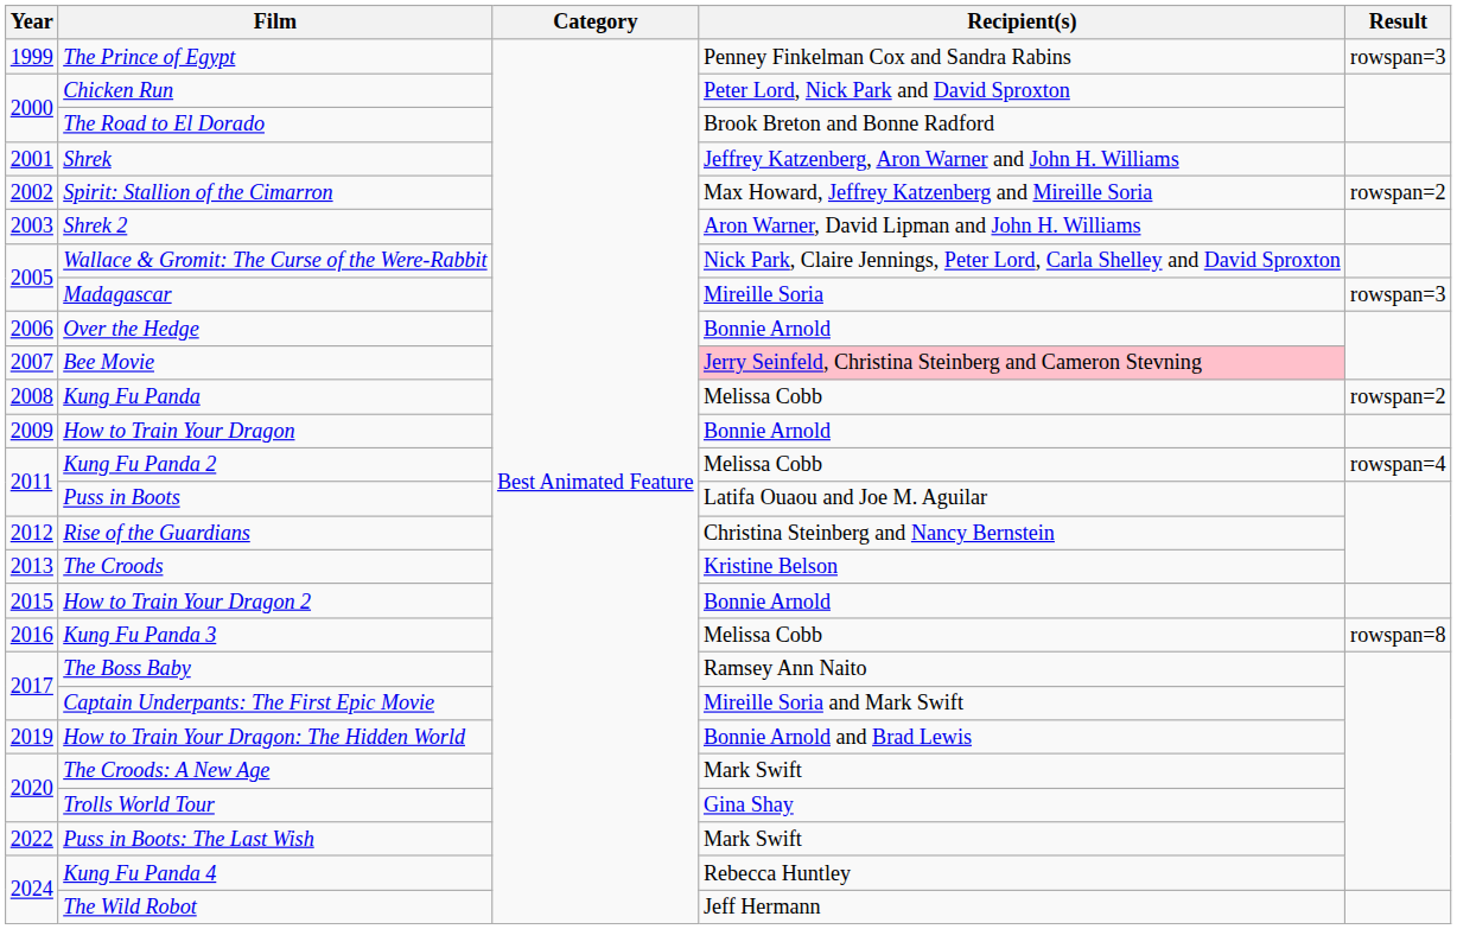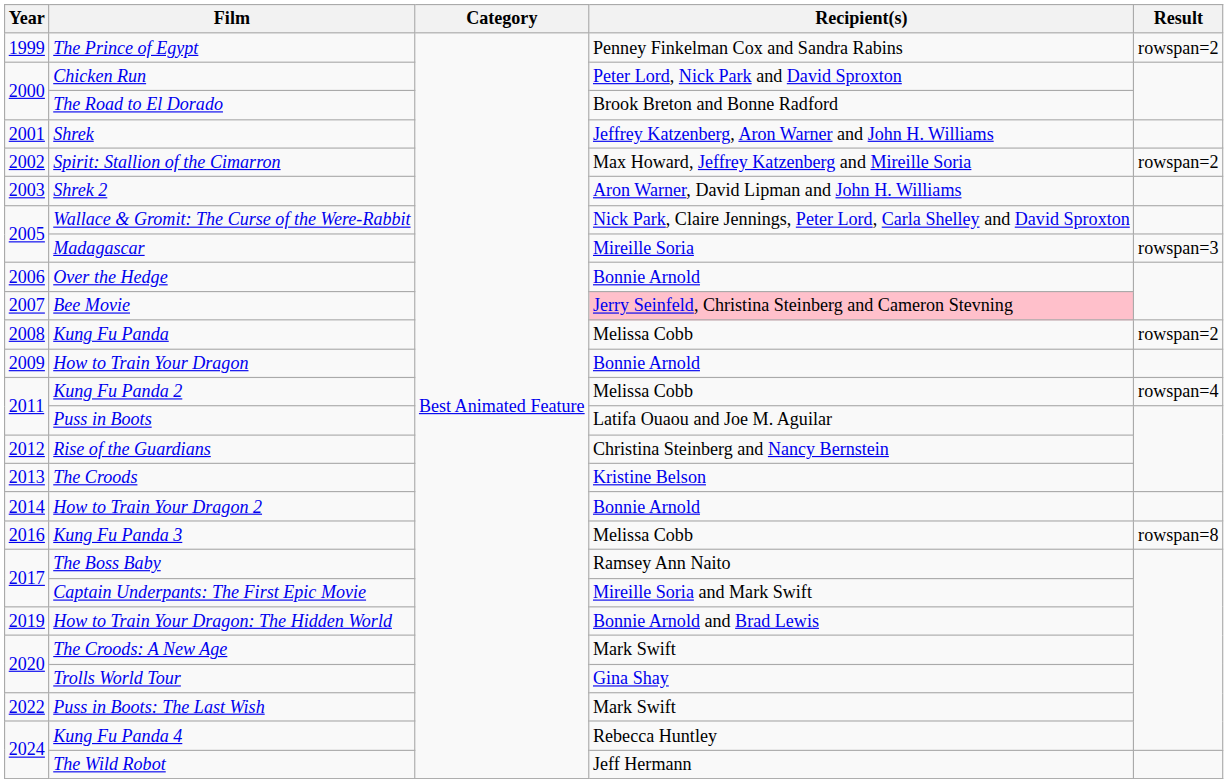 <table class="wikitable">
 <tr>
 <th>Year</th>
 <th>Film</th>
 <th>Category</th>
 <th>Recipient(s)</th>
 <th>Result</th>
 </tr>
 <tr>
 <td><a href='#'>1999</a></td>
 <td><em><a href='#'>The Prince of Egypt</a></em></td>
 <td rowspan=26><a href='#'>Best Animated Feature</a></td>
 <td>Penney Finkelman Cox and Sandra Rabins</td>
-<td>rowspan=3 </td>
+<td>rowspan=2 </td>
 </tr>
 <tr>
 <td rowspan=2><a href='#'>2000</a></td>
 <td><em><a href='#'>Chicken Run</a></em></td>
 <td><a href='#'>Peter Lord</a>, <a href='#'>Nick Park</a> and <a href='#'>David Sproxton</a></td>
 </tr>
 <tr>
 <td><em><a href='#'>The Road to El Dorado</a></em></td>
 <td>Brook Breton and Bonne Radford</td>
 </tr>
 <tr>
 <td><a href='#'>2001</a></td>
 <td><em><a href='#'>Shrek</a></em></td>
 <td><a href='#'>Jeffrey Katzenberg</a>, <a href='#'>Aron Warner</a> and <a href='#'>John H. Williams</a></td>
 <td></td>
 </tr>
 <tr>
 <td><a href='#'>2002</a></td>
 <td><em><a href='#'>Spirit: Stallion of the Cimarron</a></em></td>
 <td>Max Howard, <a href='#'>Jeffrey Katzenberg</a> and <a href='#'>Mireille Soria</a></td>
 <td>rowspan=2 </td>
 </tr>
 <tr>
 <td><a href='#'>2003</a></td>
 <td><em><a href='#'>Shrek 2</a></em></td>
 <td><a href='#'>Aron Warner</a>, David Lipman and <a href='#'>John H. Williams</a></td>
 </tr>
 <tr>
 <td rowspan=2><a href='#'>2005</a></td>
 <td><em><a href='#'>Wallace & Gromit: The Curse of the Were-Rabbit</a></em></td>
 <td><a href='#'>Nick Park</a>, Claire Jennings, <a href='#'>Peter Lord</a>, <a href='#'>Carla Shelley</a> and <a href='#'>David Sproxton</a></td>
 <td></td>
 </tr>
 <tr>
 <td><em><a href='#'>Madagascar</a></em></td>
 <td><a href='#'>Mireille Soria</a></td>
 <td>rowspan=3 </td>
 </tr>
 <tr>
 <td><a href='#'>2006</a></td>
 <td><em><a href='#'>Over the Hedge</a></em></td>
 <td><a href='#'>Bonnie Arnold</a></td>
 </tr>
 <tr>
 <td><a href='#'>2007</a></td>
 <td><em><a href='#'>Bee Movie</a></em></td>
 <td style="background: pink;"><a href='#'>Jerry Seinfeld</a>, Christina Steinberg and Cameron Stevning</td>
 </tr>
 <tr>
 <td><a href='#'>2008</a></td>
 <td><em><a href='#'>Kung Fu Panda</a></em></td>
 <td>Melissa Cobb</td>
 <td>rowspan=2 </td>
 </tr>
 <tr>
 <td><a href='#'>2009</a></td>
 <td><em><a href='#'>How to Train Your Dragon</a></em></td>
 <td><a href='#'>Bonnie Arnold</a></td>
 </tr>
 <tr>
 <td rowspan=2><a href='#'>2011</a></td>
 <td><em><a href='#'>Kung Fu Panda 2</a></em></td>
 <td>Melissa Cobb</td>
 <td>rowspan=4 </td>
 </tr>
 <tr>
 <td><em><a href='#'>Puss in Boots</a></em></td>
 <td>Latifa Ouaou and Joe M. Aguilar</td>
 </tr>
 <tr>
 <td><a href='#'>2012</a></td>
 <td><em><a href='#'>Rise of the Guardians</a></em></td>
 <td>Christina Steinberg and <a href='#'>Nancy Bernstein</a></td>
 </tr>
 <tr>
 <td><a href='#'>2013</a></td>
 <td><em><a href='#'>The Croods</a></em></td>
 <td><a href='#'>Kristine Belson</a></td>
 </tr>
 <tr>
-<td><a href='#'>2015</a></td>
+<td><a href='#'>2014</a></td>
 <td><em><a href='#'>How to Train Your Dragon 2</a></em></td>
 <td><a href='#'>Bonnie Arnold</a></td>
 <td></td>
 </tr>
 <tr>
 <td><a href='#'>2016</a></td>
 <td><em><a href='#'>Kung Fu Panda 3</a></em></td>
 <td>Melissa Cobb</td>
 <td>rowspan=8 </td>
 </tr>
 <tr>
 <td rowspan=2><a href='#'>2017</a></td>
 <td><em><a href='#'>The Boss Baby</a></em></td>
 <td>Ramsey Ann Naito</td>
 </tr>
 <tr>
 <td><em><a href='#'>Captain Underpants: The First Epic Movie</a></em></td>
 <td><a href='#'>Mireille Soria</a> and Mark Swift</td>
 </tr>
 <tr>
 <td><a href='#'>2019</a></td>
 <td><em><a href='#'>How to Train Your Dragon: The Hidden World</a></em></td>
 <td><a href='#'>Bonnie Arnold</a> and <a href='#'>Brad Lewis</a></td>
 </tr>
 <tr>
 <td rowspan=2><a href='#'>2020</a></td>
 <td><em><a href='#'>The Croods: A New Age</a></em></td>
 <td>Mark Swift</td>
 </tr>
 <tr>
 <td><em><a href='#'>Trolls World Tour</a></em></td>
 <td><a href='#'>Gina Shay</a></td>
 </tr>
 <tr>
 <td><a href='#'>2022</a></td>
 <td><em><a href='#'>Puss in Boots: The Last Wish</a></em></td>
 <td>Mark Swift</td>
 </tr>
 <tr>
 <td rowspan=2><a href='#'>2024</a></td>
 <td><em><a href='#'>Kung Fu Panda 4</a></em></td>
 <td>Rebecca Huntley</td>
 </tr>
 <tr>
 <td><em><a href='#'>The Wild Robot</a></em></td>
 <td>Jeff Hermann</td>
 <td></td>
 </tr>
 </table>
